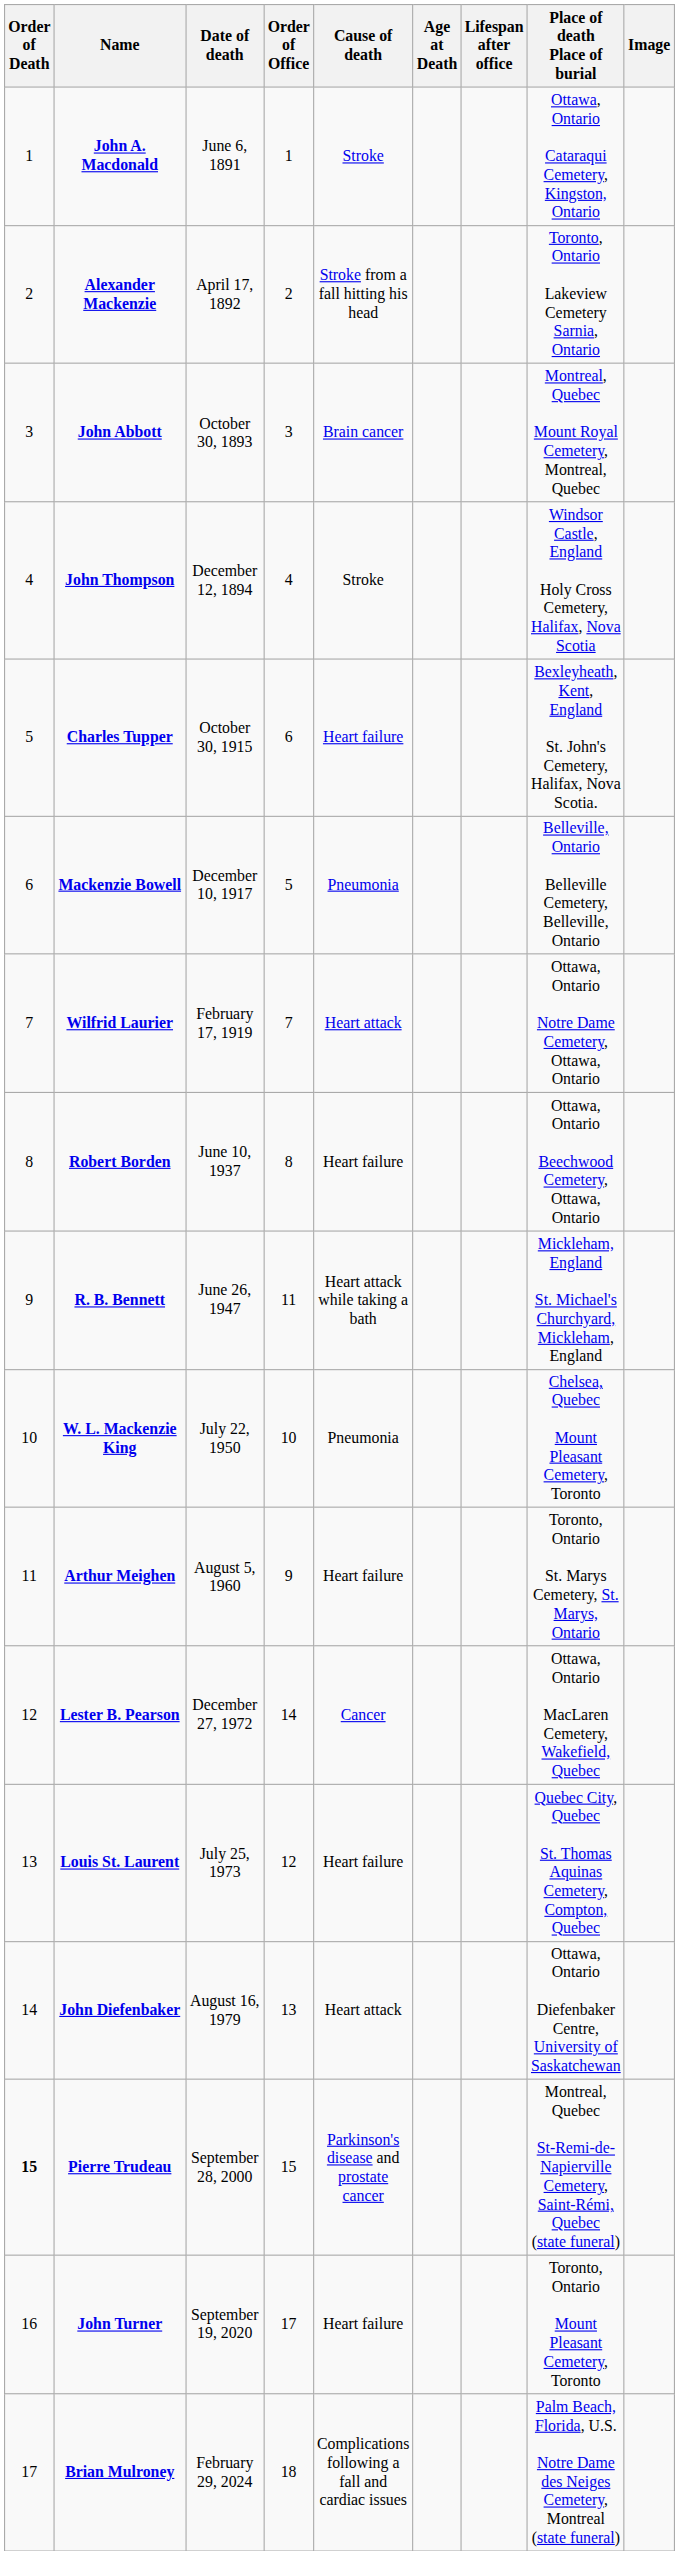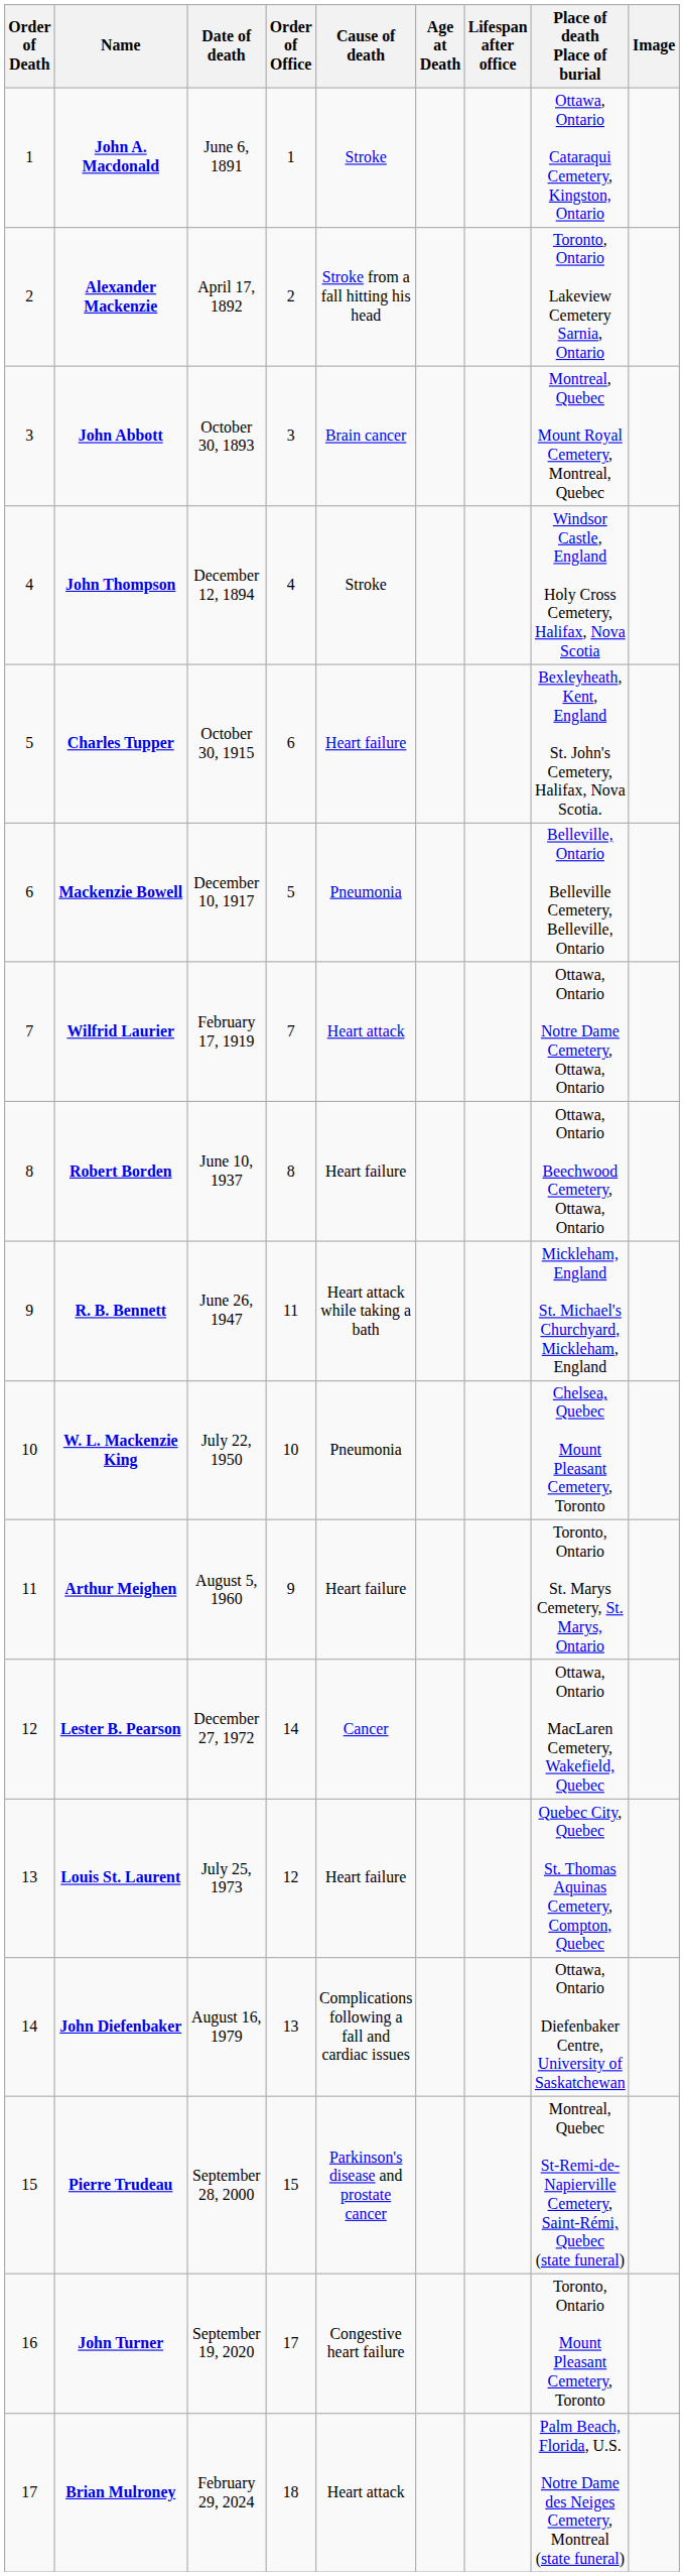 <table class="wikitable sortable" style="text-align:center; font-size:90%;">
 <tr>
 <th>Order of Death</th>
 <th width="120px">Name</th>
 <th width="65px">Date of death</th>
 <th>Order of Office</th>
 <th class="unsortable">Cause of death</th>
 <th>Age at Death</th>
 <th class="sortable">Lifespan after office</th>
 <th class="unsortable">Place of death<br>Place of burial</th>
 <th>Image</th>
 </tr>
 <tr>
 <td>1</td>
 <td><strong><a href='#'>John A. Macdonald</a></strong></td>
 <td>June 6, 1891</td>
 <td>1</td>
 <td><a href='#'>Stroke</a></td>
 <td></td>
 <td></td>
 <td><a href='#'>Ottawa</a>, <a href='#'>Ontario</a><br><br><a href='#'>Cataraqui Cemetery</a>, <a href='#'>Kingston, Ontario</a></td>
 <td></td>
 </tr>
 <tr>
 <td>2</td>
 <td><strong><a href='#'>Alexander Mackenzie</a></strong></td>
 <td>April 17, 1892</td>
 <td>2</td>
 <td><a href='#'>Stroke</a> from a fall hitting his head</td>
 <td></td>
 <td></td>
 <td><a href='#'>Toronto</a>, <a href='#'>Ontario</a><br><br>Lakeview Cemetery <a href='#'>Sarnia</a>, <a href='#'>Ontario</a></td>
 <td></td>
 </tr>
 <tr>
 <td>3</td>
 <td><strong><a href='#'>John Abbott</a></strong></td>
 <td>October 30, 1893</td>
 <td>3</td>
 <td><a href='#'>Brain cancer</a></td>
 <td></td>
 <td></td>
 <td><a href='#'>Montreal</a>, <a href='#'>Quebec</a><br><br><a href='#'>Mount Royal Cemetery</a>, Montreal, Quebec</td>
 <td></td>
 </tr>
 <tr>
 <td>4</td>
 <td><strong><a href='#'>John Thompson</a></strong></td>
 <td>December 12, 1894</td>
 <td>4</td>
 <td>Stroke</td>
 <td></td>
 <td></td>
 <td><a href='#'>Windsor Castle</a>, <a href='#'>England</a><br><br>Holy Cross Cemetery, <a href='#'>Halifax</a>, <a href='#'>Nova Scotia</a></td>
 <td></td>
 </tr>
 <tr>
 <td>5</td>
 <td><strong><a href='#'>Charles Tupper</a></strong></td>
 <td>October 30, 1915</td>
 <td>6</td>
 <td><a href='#'>Heart failure</a></td>
 <td></td>
 <td></td>
 <td><a href='#'>Bexleyheath</a>, <a href='#'>Kent</a>, <a href='#'>England</a><br><br>St. John's Cemetery, Halifax, Nova Scotia.</td>
 <td></td>
 </tr>
 <tr>
 <td>6</td>
 <td><strong><a href='#'>Mackenzie Bowell</a></strong></td>
 <td>December 10, 1917</td>
 <td>5</td>
 <td><a href='#'>Pneumonia</a></td>
 <td></td>
 <td></td>
 <td><a href='#'>Belleville, Ontario</a><br><br>Belleville Cemetery, Belleville, Ontario</td>
 <td></td>
 </tr>
 <tr>
 <td>7</td>
 <td><strong><a href='#'>Wilfrid Laurier</a></strong></td>
 <td>February 17, 1919</td>
 <td>7</td>
 <td><a href='#'>Heart attack</a></td>
 <td></td>
 <td></td>
 <td>Ottawa, Ontario<br><br><a href='#'>Notre Dame Cemetery</a>, Ottawa, Ontario</td>
 <td></td>
 </tr>
 <tr>
 <td>8</td>
 <td><strong><a href='#'>Robert Borden</a></strong></td>
 <td>June 10, 1937</td>
 <td>8</td>
 <td>Heart failure</td>
 <td></td>
 <td></td>
 <td>Ottawa, Ontario<br><br><a href='#'>Beechwood Cemetery</a>, Ottawa, Ontario</td>
 <td></td>
 </tr>
 <tr>
 <td>9</td>
 <td><strong><a href='#'>R. B. Bennett</a></strong></td>
 <td>June 26, 1947</td>
 <td>11</td>
 <td>Heart attack while taking a bath</td>
 <td></td>
 <td></td>
 <td><a href='#'>Mickleham, England</a><br><br><a href='#'>St. Michael's Churchyard, Mickleham</a>, England</td>
 <td></td>
 </tr>
 <tr>
 <td>10</td>
 <td><strong><a href='#'>W. L. Mackenzie King</a></strong></td>
 <td>July 22, 1950</td>
 <td>10</td>
 <td>Pneumonia</td>
 <td></td>
 <td></td>
 <td><a href='#'>Chelsea, Quebec</a><br><br><a href='#'>Mount Pleasant Cemetery</a>, Toronto</td>
 <td></td>
 </tr>
 <tr>
 <td>11</td>
 <td><strong><a href='#'>Arthur Meighen</a></strong></td>
 <td>August 5, 1960</td>
 <td>9</td>
 <td>Heart failure</td>
 <td></td>
 <td></td>
 <td>Toronto, Ontario<br><br>St. Marys Cemetery, <a href='#'>St. Marys, Ontario</a></td>
 <td></td>
 </tr>
 <tr>
 <td>12</td>
 <td><strong><a href='#'>Lester B. Pearson</a></strong></td>
 <td>December 27, 1972</td>
 <td>14</td>
 <td><a href='#'>Cancer</a></td>
 <td></td>
 <td></td>
 <td>Ottawa, Ontario<br><br>MacLaren Cemetery, <a href='#'>Wakefield, Quebec</a></td>
 <td></td>
 </tr>
 <tr>
 <td>13</td>
 <td><strong><a href='#'>Louis St. Laurent</a></strong></td>
 <td>July 25, 1973</td>
 <td>12</td>
 <td>Heart failure</td>
 <td></td>
 <td></td>
 <td><a href='#'>Quebec City</a>, <a href='#'>Quebec</a><br><br><a href='#'>St. Thomas Aquinas Cemetery</a>, <a href='#'>Compton, Quebec</a></td>
 <td></td>
 </tr>
 <tr>
 <td>14</td>
 <td><strong><a href='#'>John Diefenbaker</a></strong></td>
 <td>August 16, 1979</td>
 <td>13</td>
-<td>Heart attack</td>
+<td>Complications following a fall and cardiac issues</td>
 <td></td>
 <td></td>
 <td>Ottawa, Ontario<br><br>Diefenbaker Centre, <a href='#'>University of Saskatchewan</a></td>
 <td></td>
 </tr>
 <tr>
-<td><strong>15</strong></td>
+<td>15</td>
 <td><strong><a href='#'>Pierre Trudeau</a></strong></td>
 <td>September 28, 2000</td>
 <td>15</td>
 <td><a href='#'>Parkinson's disease</a> and <a href='#'>prostate cancer</a></td>
 <td></td>
 <td></td>
 <td>Montreal, Quebec<br><br><a href='#'>St-Remi-de-Napierville Cemetery</a>, <a href='#'>Saint-Rémi, Quebec</a><br> (<a href='#'>state funeral</a>)</td>
 <td></td>
 </tr>
 <tr>
 <td>16</td>
 <td><strong><a href='#'>John Turner</a></strong></td>
 <td>September 19, 2020</td>
 <td>17</td>
-<td>Heart failure</td>
+<td>Congestive heart failure</td>
 <td></td>
 <td></td>
 <td>Toronto, Ontario<br><br><a href='#'>Mount Pleasant Cemetery</a>, Toronto</td>
 <td></td>
 </tr>
 <tr>
 <td>17</td>
 <td><strong><a href='#'>Brian Mulroney</a></strong></td>
 <td>February 29, 2024</td>
 <td>18</td>
-<td>Complications following a fall and cardiac issues</td>
+<td>Heart attack</td>
 <td></td>
 <td></td>
 <td><a href='#'>Palm Beach, Florida</a>, U.S.<br><br><a href='#'>Notre Dame des Neiges Cemetery</a>, Montreal<br> (<a href='#'>state funeral</a>)</td>
 <td></td>
 </tr>
 </table>
